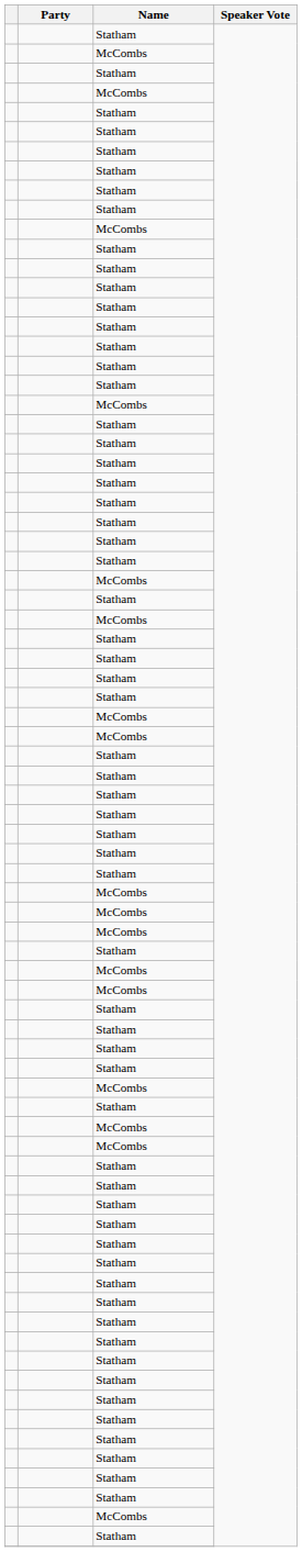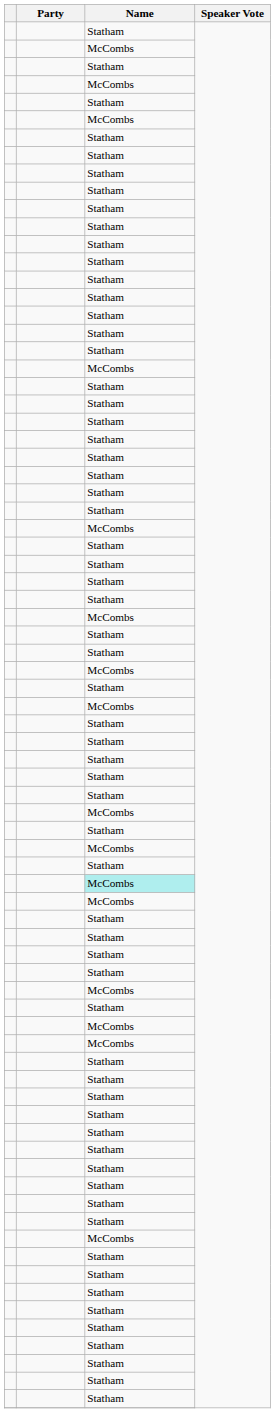 <table class="wikitable sortable mw-collapsible mw-collapsed">
 <tr>
 <th width=10 class=unsortable></th>
 <th width=90>Party</th>
 <th width=150>Name</th>
 <th width=100>Speaker Vote</th>
 </tr>
 <tr>
 <td></td>
 <td></td>
 <td>Statham</td>
 </tr>
 <tr>
 <td></td>
 <td></td>
 <td>McCombs</td>
 </tr>
 <tr>
 <td></td>
 <td></td>
 <td>Statham</td>
 </tr>
 <tr>
 <td></td>
 <td></td>
 <td>McCombs</td>
+</tr>
+<tr>
+<td></td>
+<td></td>
+<td>Statham</td>
+</tr>
+<tr>
+<td></td>
+<td></td>
+<td>McCombs</td>
+</tr>
+<tr>
+<td></td>
+<td></td>
+<td>Statham</td>
+</tr>
+<tr>
+<td></td>
+<td></td>
+<td>Statham</td>
+</tr>
+<tr>
+<td></td>
+<td></td>
+<td>Statham</td>
+</tr>
+<tr>
+<td></td>
+<td></td>
+<td>Statham</td>
+</tr>
+<tr>
+<td></td>
+<td></td>
+<td>Statham</td>
+</tr>
+<tr>
+<td></td>
+<td></td>
+<td>Statham</td>
+</tr>
+<tr>
+<td></td>
+<td></td>
+<td>Statham</td>
 </tr>
 <tr>
 <td></td>
 <td></td>
 <td>Statham</td>
 </tr>
 <tr>
 <td></td>
 <td></td>
 <td>Statham</td>
 </tr>
 <tr>
 <td></td>
 <td></td>
 <td>Statham</td>
 </tr>
 <tr>
 <td></td>
 <td></td>
 <td>Statham</td>
 </tr>
 <tr>
 <td></td>
 <td></td>
 <td>Statham</td>
 </tr>
 <tr>
 <td></td>
 <td></td>
 <td>Statham</td>
 </tr>
 <tr>
 <td></td>
 <td></td>
 <td>McCombs</td>
 </tr>
 <tr>
 <td></td>
 <td></td>
 <td>Statham</td>
 </tr>
 <tr>
 <td></td>
 <td></td>
 <td>Statham</td>
 </tr>
 <tr>
 <td></td>
 <td></td>
 <td>Statham</td>
 </tr>
 <tr>
 <td></td>
 <td></td>
 <td>Statham</td>
 </tr>
 <tr>
 <td></td>
 <td></td>
 <td>Statham</td>
 </tr>
 <tr>
 <td></td>
 <td></td>
 <td>Statham</td>
 </tr>
 <tr>
 <td></td>
 <td></td>
 <td>Statham</td>
 </tr>
 <tr>
 <td></td>
 <td></td>
 <td>Statham</td>
 </tr>
 <tr>
 <td></td>
 <td></td>
 <td>McCombs</td>
 </tr>
 <tr>
 <td></td>
 <td></td>
 <td>Statham</td>
 </tr>
 <tr>
 <td></td>
 <td></td>
 <td>Statham</td>
 </tr>
 <tr>
 <td></td>
 <td></td>
 <td>Statham</td>
 </tr>
 <tr>
 <td></td>
 <td></td>
 <td>Statham</td>
 </tr>
 <tr>
 <td></td>
 <td></td>
-<td>Statham</td>
-</tr>
-<tr>
-<td></td>
-<td></td>
-<td>Statham</td>
+<td>McCombs</td>
 </tr>
 <tr>
 <td></td>
 <td></td>
 <td>Statham</td>
 </tr>
 <tr>
 <td></td>
 <td></td>
 <td>Statham</td>
 </tr>
 <tr>
 <td></td>
 <td></td>
 <td>McCombs</td>
 </tr>
 <tr>
 <td></td>
 <td></td>
 <td>Statham</td>
 </tr>
 <tr>
 <td></td>
 <td></td>
 <td>McCombs</td>
 </tr>
 <tr>
 <td></td>
 <td></td>
 <td>Statham</td>
 </tr>
 <tr>
 <td></td>
 <td></td>
 <td>Statham</td>
 </tr>
 <tr>
 <td></td>
 <td></td>
 <td>Statham</td>
 </tr>
 <tr>
 <td></td>
 <td></td>
 <td>Statham</td>
 </tr>
 <tr>
 <td></td>
 <td></td>
-<td>McCombs</td>
-</tr>
-<tr>
-<td></td>
-<td></td>
-<td>McCombs</td>
-</tr>
-<tr>
-<td></td>
-<td></td>
 <td>Statham</td>
-</tr>
-<tr>
-<td></td>
-<td></td>
-<td>Statham</td>
-</tr>
-<tr>
-<td></td>
-<td></td>
-<td>Statham</td>
-</tr>
-<tr>
-<td></td>
-<td></td>
-<td>Statham</td>
-</tr>
-<tr>
-<td></td>
-<td></td>
-<td>Statham</td>
-</tr>
-<tr>
-<td></td>
-<td></td>
-<td>Statham</td>
-</tr>
-<tr>
-<td></td>
-<td></td>
-<td>Statham</td>
-</tr>
-<tr>
-<td></td>
-<td></td>
-<td>McCombs</td>
-</tr>
-<tr>
-<td></td>
-<td></td>
-<td>McCombs</td>
 </tr>
 <tr>
 <td></td>
 <td></td>
 <td>McCombs</td>
 </tr>
 <tr>
 <td></td>
 <td></td>
 <td>Statham</td>
 </tr>
 <tr>
 <td></td>
 <td></td>
 <td>McCombs</td>
+</tr>
+<tr>
+<td></td>
+<td></td>
+<td>Statham</td>
+</tr>
+<tr>
+<td></td>
+<td></td>
+<td style="background: paleturquoise;">McCombs</td>
 </tr>
 <tr>
 <td></td>
 <td></td>
 <td>McCombs</td>
 </tr>
 <tr>
 <td></td>
 <td></td>
 <td>Statham</td>
 </tr>
 <tr>
 <td></td>
 <td></td>
 <td>Statham</td>
 </tr>
 <tr>
 <td></td>
 <td></td>
 <td>Statham</td>
 </tr>
 <tr>
 <td></td>
 <td></td>
 <td>Statham</td>
 </tr>
 <tr>
 <td></td>
 <td></td>
 <td>McCombs</td>
 </tr>
 <tr>
 <td></td>
 <td></td>
 <td>Statham</td>
 </tr>
 <tr>
 <td></td>
 <td></td>
 <td>McCombs</td>
 </tr>
 <tr>
 <td></td>
 <td></td>
 <td>McCombs</td>
 </tr>
 <tr>
 <td></td>
 <td></td>
 <td>Statham</td>
 </tr>
 <tr>
 <td></td>
 <td></td>
 <td>Statham</td>
 </tr>
 <tr>
 <td></td>
 <td></td>
 <td>Statham</td>
 </tr>
 <tr>
 <td></td>
 <td></td>
 <td>Statham</td>
 </tr>
 <tr>
 <td></td>
 <td></td>
 <td>Statham</td>
 </tr>
 <tr>
 <td></td>
 <td></td>
 <td>Statham</td>
 </tr>
 <tr>
 <td></td>
 <td></td>
 <td>Statham</td>
 </tr>
 <tr>
 <td></td>
 <td></td>
 <td>Statham</td>
 </tr>
 <tr>
 <td></td>
 <td></td>
 <td>Statham</td>
 </tr>
 <tr>
 <td></td>
 <td></td>
 <td>Statham</td>
 </tr>
 <tr>
 <td></td>
 <td></td>
+<td>McCombs</td>
+</tr>
+<tr>
+<td></td>
+<td></td>
 <td>Statham</td>
 </tr>
 <tr>
 <td></td>
 <td></td>
 <td>Statham</td>
 </tr>
 <tr>
 <td></td>
 <td></td>
 <td>Statham</td>
 </tr>
 <tr>
 <td></td>
 <td></td>
 <td>Statham</td>
 </tr>
 <tr>
 <td></td>
 <td></td>
 <td>Statham</td>
 </tr>
 <tr>
 <td></td>
 <td></td>
 <td>Statham</td>
 </tr>
 <tr>
 <td></td>
 <td></td>
 <td>Statham</td>
 </tr>
 <tr>
 <td></td>
 <td></td>
 <td>Statham</td>
 </tr>
 <tr>
 <td></td>
 <td></td>
-<td>McCombs</td>
-</tr>
-<tr>
-<td></td>
-<td></td>
 <td>Statham</td>
 </tr>
 <tr>
 </tr>
 </table>
